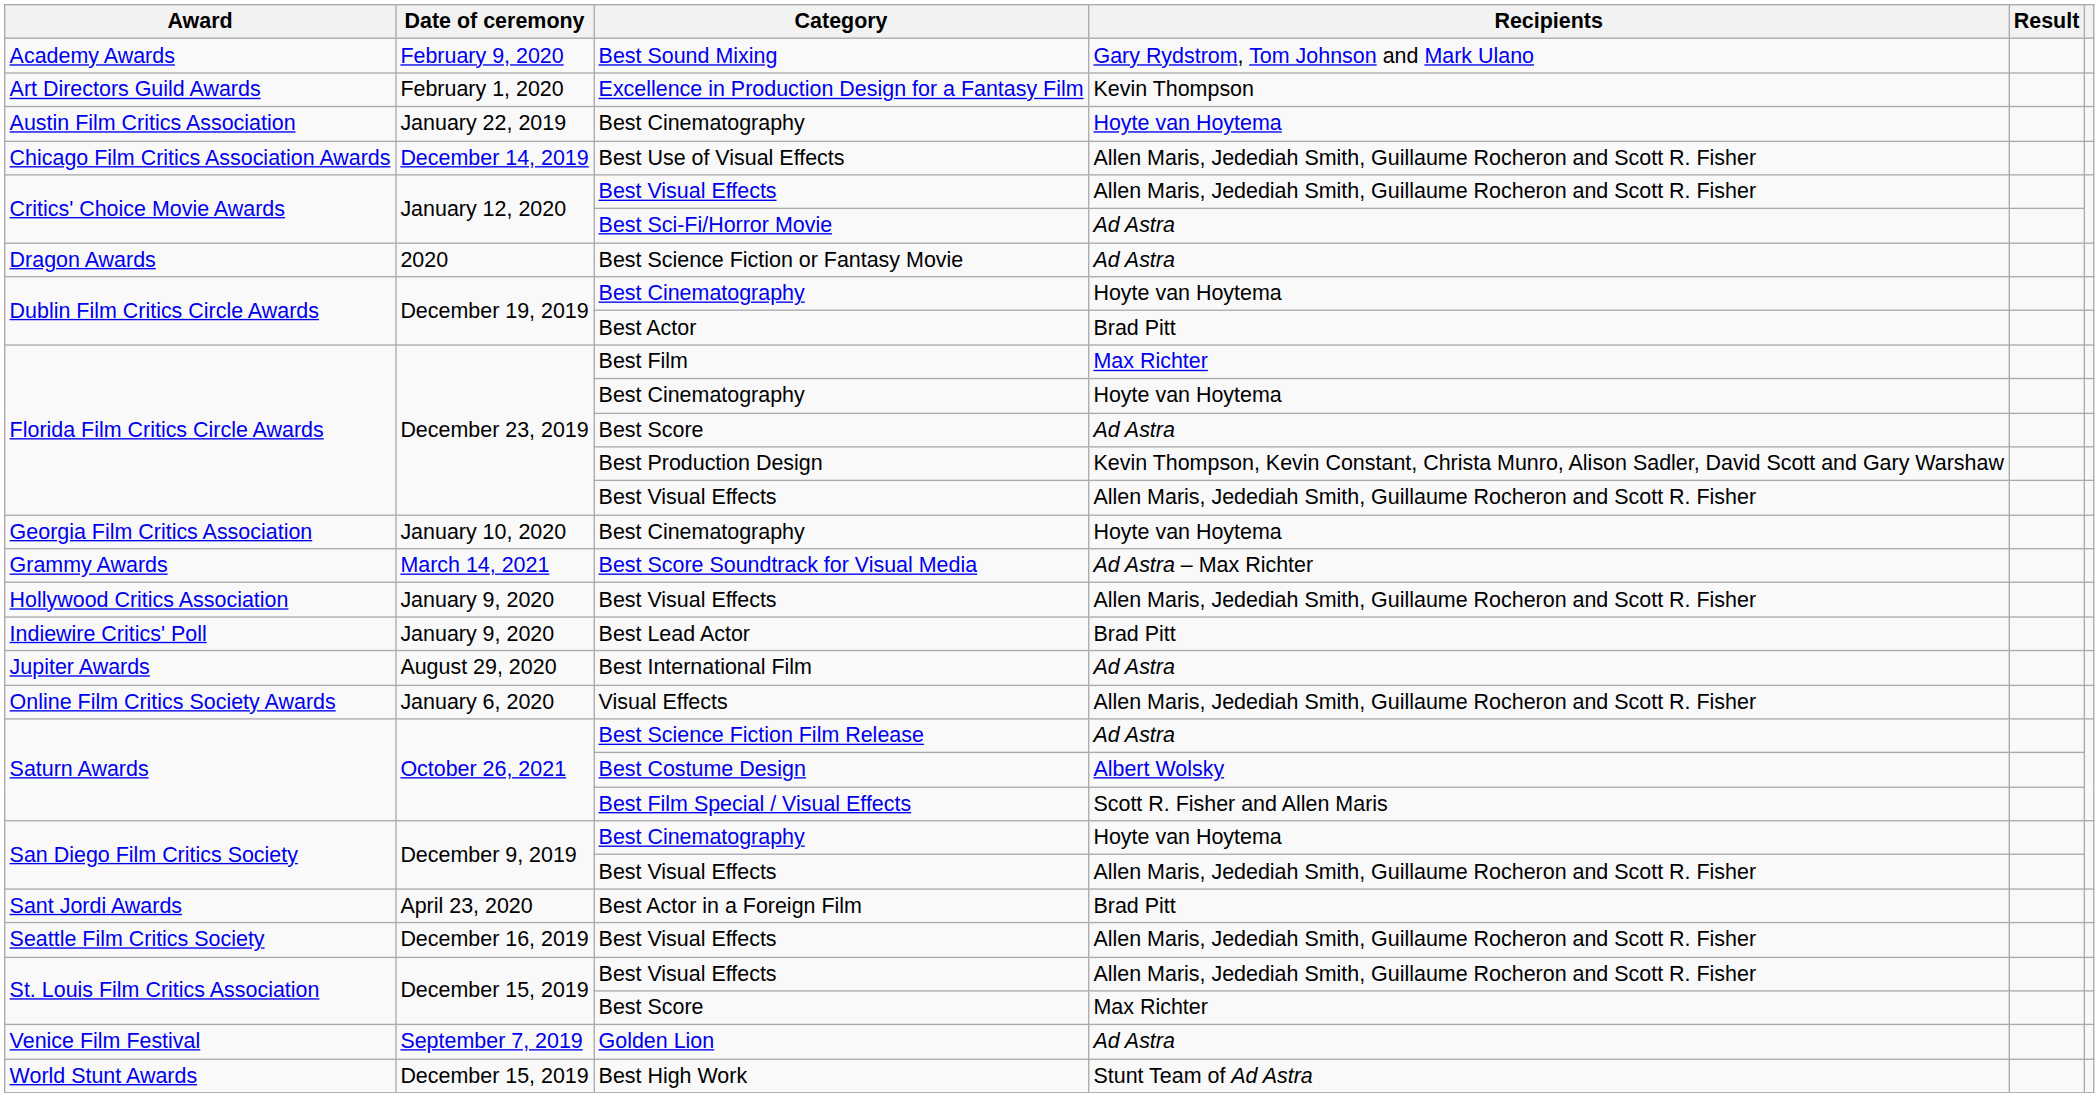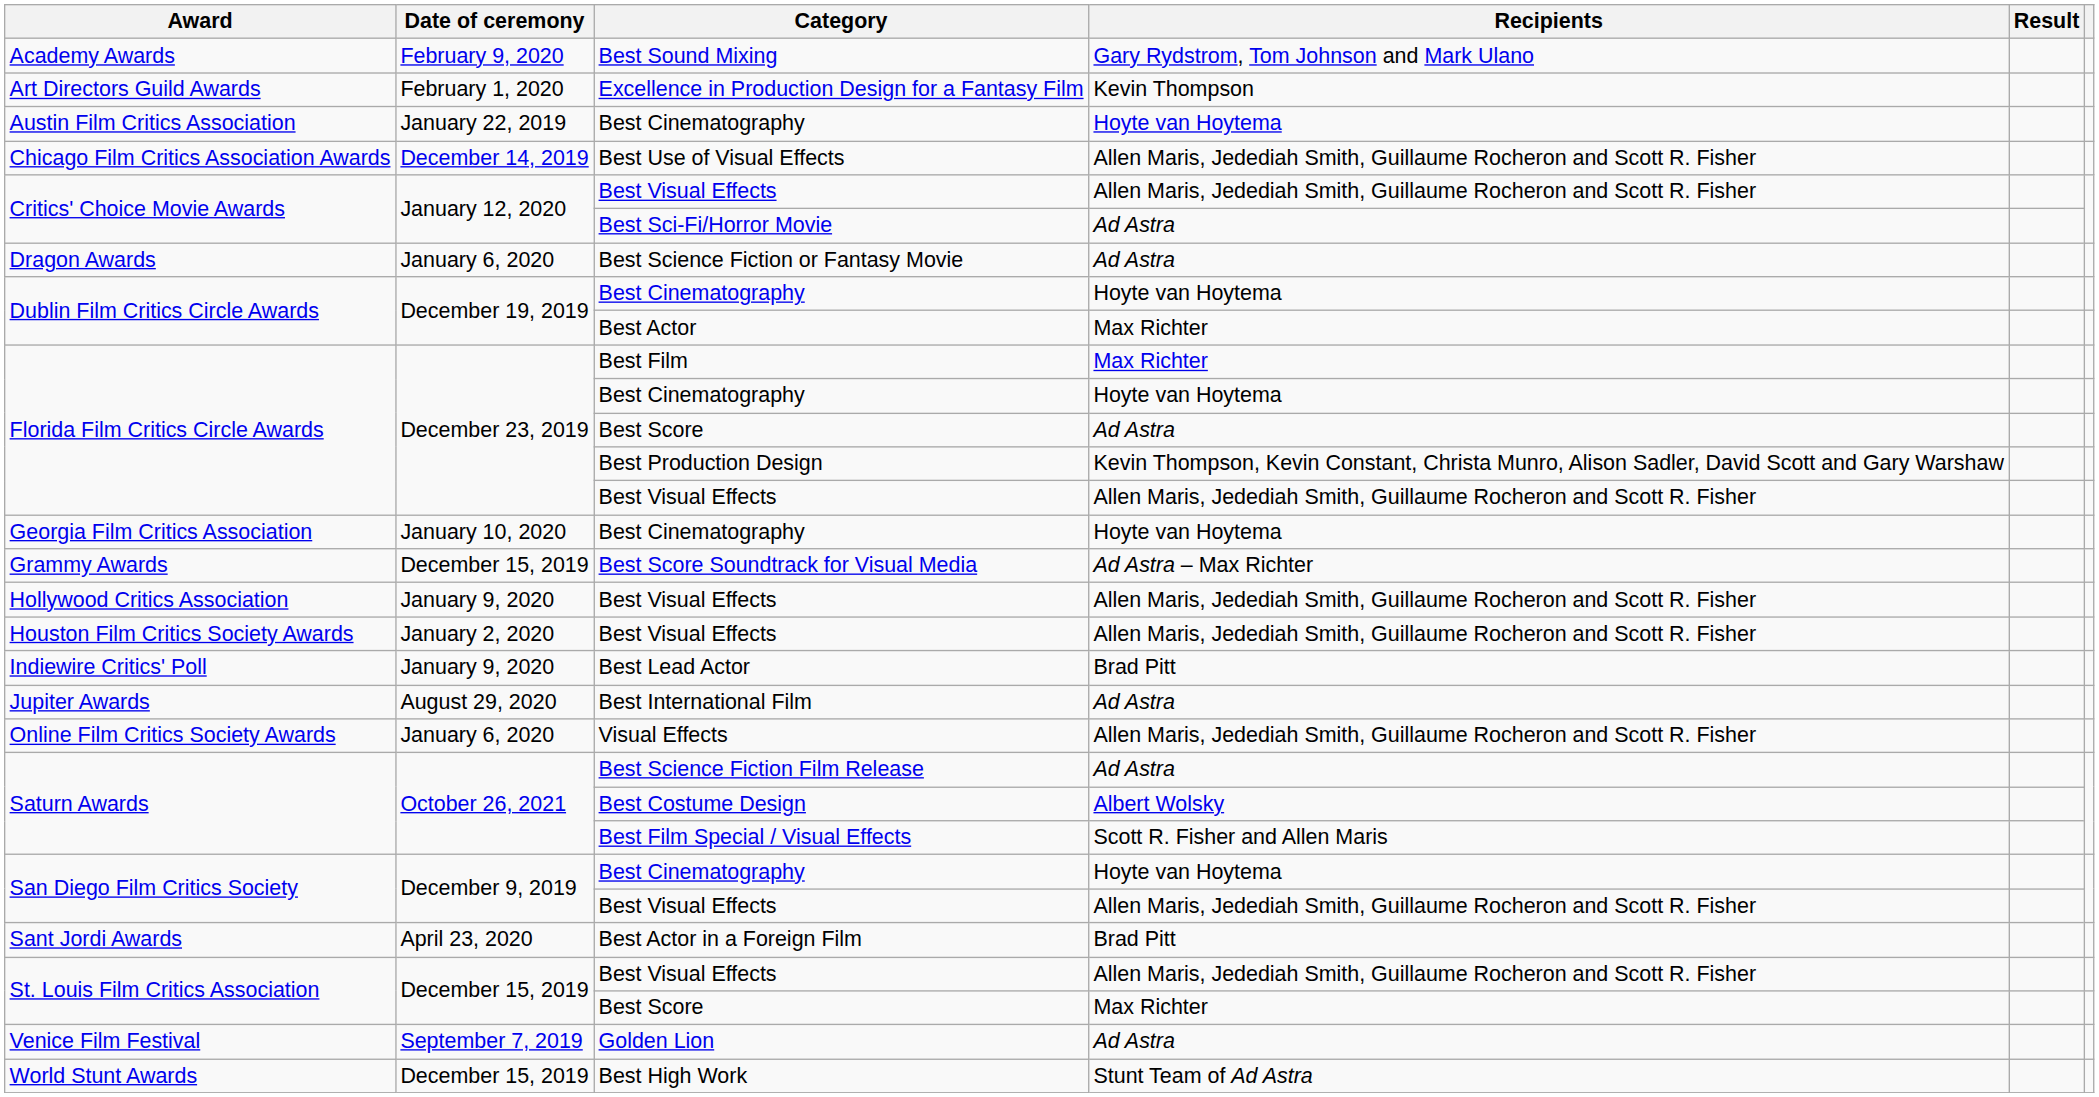 <table class="wikitable plainrowheaders sortable">
 <tr>
 <th scope="col">Award</th>
 <th scope="col">Date of ceremony</th>
 <th scope="col">Category</th>
 <th scope="col">Recipients</th>
 <th scope="col">Result</th>
 <th scope="col" class="unsortable"></th>
 </tr>
 <tr>
 <td><a href='#'>Academy Awards</a></td>
 <td><a href='#'>February 9, 2020</a></td>
 <td><a href='#'>Best Sound Mixing</a></td>
 <td><a href='#'>Gary Rydstrom</a>, <a href='#'>Tom Johnson</a> and <a href='#'>Mark Ulano</a></td>
 <td></td>
 <td style="text-align:center;"></td>
 </tr>
 <tr>
 <td><a href='#'>Art Directors Guild Awards</a></td>
 <td>February 1, 2020</td>
 <td><a href='#'>Excellence in Production Design for a Fantasy Film</a></td>
 <td>Kevin Thompson</td>
 <td></td>
 <td style="text-align:center;"></td>
 </tr>
 <tr>
 <td><a href='#'>Austin Film Critics Association</a></td>
 <td>January 22, 2019</td>
 <td>Best Cinematography</td>
 <td><a href='#'>Hoyte van Hoytema</a></td>
 <td></td>
 <td></td>
 </tr>
 <tr>
 <td><a href='#'>Chicago Film Critics Association Awards</a></td>
 <td><a href='#'>December 14, 2019</a></td>
 <td>Best Use of Visual Effects</td>
 <td Ad Astra>Allen Maris, Jedediah Smith, Guillaume Rocheron and Scott R. Fisher</td>
 <td></td>
 <td></td>
 </tr>
 <tr>
 <td rowspan="2"><a href='#'>Critics' Choice Movie Awards</a></td>
 <td rowspan="2">January 12, 2020</td>
 <td><a href='#'>Best Visual Effects</a></td>
 <td>Allen Maris, Jedediah Smith, Guillaume Rocheron and Scott R. Fisher</td>
 <td></td>
 <td rowspan="2" style="text-align:center;"></td>
 </tr>
 <tr>
 <td><a href='#'>Best Sci-Fi/Horror Movie</a></td>
 <td><em>Ad Astra</em></td>
 <td></td>
 </tr>
 <tr>
 <td><a href='#'>Dragon Awards</a></td>
-<td>2020</td>
+<td>January 6, 2020</td>
 <td>Best Science Fiction or Fantasy Movie</td>
 <td><em>Ad Astra</em></td>
 <td></td>
 <td></td>
 </tr>
 <tr>
 <td rowspan="2"><a href='#'>Dublin Film Critics Circle Awards</a></td>
 <td rowspan="2">December 19, 2019</td>
 <td><a href='#'>Best Cinematography</a></td>
 <td>Hoyte van Hoytema</td>
 <td></td>
 <td></td>
 </tr>
 <tr>
 <td>Best Actor</td>
-<td>Brad Pitt</td>
+<td>Max Richter</td>
 <td></td>
 <td></td>
 </tr>
 <tr>
 <td rowspan="5"><a href='#'>Florida Film Critics Circle Awards</a></td>
 <td rowspan="5">December 23, 2019</td>
 <td>Best Film</td>
 <td><a href='#'>Max Richter</a></td>
 <td></td>
 <td></td>
 </tr>
 <tr>
 <td>Best Cinematography</td>
 <td>Hoyte van Hoytema</td>
 <td></td>
 <td></td>
 </tr>
 <tr>
 <td>Best Score</td>
 <td><em>Ad Astra</em></td>
 <td></td>
 <td></td>
 </tr>
 <tr>
 <td>Best Production Design</td>
 <td>Kevin Thompson, Kevin Constant, Christa Munro, Alison Sadler, David Scott and Gary Warshaw</td>
 <td></td>
 <td></td>
 </tr>
 <tr>
 <td>Best Visual Effects</td>
 <td>Allen Maris, Jedediah Smith, Guillaume Rocheron and Scott R. Fisher</td>
 <td></td>
 <td></td>
 </tr>
 <tr>
 <td><a href='#'>Georgia Film Critics Association</a></td>
 <td>January 10, 2020</td>
 <td>Best Cinematography</td>
 <td>Hoyte van Hoytema</td>
 <td></td>
 <td></td>
 </tr>
 <tr>
 <td><a href='#'>Grammy Awards</a></td>
-<td><a href='#'>March 14, 2021</a></td>
+<td>December 15, 2019</td>
 <td><a href='#'>Best Score Soundtrack for Visual Media</a></td>
 <td><em>Ad Astra</em> – Max Richter</td>
 <td></td>
 <td style="text-align:center;"></td>
 </tr>
 <tr>
 <td><a href='#'>Hollywood Critics Association</a></td>
 <td>January 9, 2020</td>
 <td>Best Visual Effects</td>
 <td>Allen Maris, Jedediah Smith, Guillaume Rocheron and Scott R. Fisher</td>
 <td></td>
 <td style="text-align:center;"></td>
+</tr>
+<tr>
+<td><a href='#'>Houston Film Critics Society Awards</a></td>
+<td>January 2, 2020</td>
+<td>Best Visual Effects</td>
+<td>Allen Maris, Jedediah Smith, Guillaume Rocheron and Scott R. Fisher</td>
+<td></td>
+<td></td>
 </tr>
 <tr>
 <td><a href='#'>Indiewire Critics' Poll</a></td>
 <td>January 9, 2020</td>
 <td>Best Lead Actor</td>
 <td>Brad Pitt</td>
 <td></td>
 <td></td>
 </tr>
 <tr>
 <td><a href='#'>Jupiter Awards</a></td>
 <td>August 29, 2020</td>
 <td>Best International Film</td>
 <td><em>Ad Astra</em></td>
 <td></td>
 <td></td>
 </tr>
 <tr>
 <td><a href='#'>Online Film Critics Society Awards</a></td>
 <td>January 6, 2020</td>
 <td>Visual Effects</td>
 <td>Allen Maris, Jedediah Smith, Guillaume Rocheron and Scott R. Fisher</td>
 <td></td>
 <td></td>
 </tr>
 <tr>
 <td rowspan="3"><a href='#'>Saturn Awards</a></td>
 <td rowspan="3"><a href='#'>October 26, 2021</a></td>
 <td><a href='#'>Best Science Fiction Film Release</a></td>
 <td><em>Ad Astra</em></td>
 <td></td>
 <td rowspan="3"></td>
 </tr>
 <tr>
 <td><a href='#'>Best Costume Design</a></td>
 <td><a href='#'>Albert Wolsky</a></td>
 <td></td>
 </tr>
 <tr>
 <td><a href='#'>Best Film Special / Visual Effects</a></td>
 <td>Scott R. Fisher and Allen Maris</td>
 <td></td>
 </tr>
 <tr>
 <td rowspan="2"><a href='#'>San Diego Film Critics Society</a></td>
 <td rowspan="2">December 9, 2019</td>
 <td><a href='#'>Best Cinematography</a></td>
 <td>Hoyte van Hoytema</td>
 <td></td>
 <td rowspan="2" style="text-align:center;"></td>
 </tr>
 <tr>
 <td>Best Visual Effects</td>
 <td>Allen Maris, Jedediah Smith, Guillaume Rocheron and Scott R. Fisher</td>
 <td></td>
 </tr>
 <tr>
 <td><a href='#'>Sant Jordi Awards</a></td>
 <td>April 23, 2020</td>
 <td>Best Actor in a Foreign Film</td>
 <td>Brad Pitt</td>
 <td></td>
 <td></td>
 </tr>
 <tr>
-<td><a href='#'>Seattle Film Critics Society</a></td>
-<td>December 16, 2019</td>
-<td>Best Visual Effects</td>
-<td>Allen Maris, Jedediah Smith, Guillaume Rocheron and Scott R. Fisher</td>
-<td></td>
-<td style="text-align:center;"></td>
-</tr>
-<tr>
 <td rowspan="2"><a href='#'>St. Louis Film Critics Association</a></td>
 <td rowspan="2">December 15, 2019</td>
 <td>Best Visual Effects</td>
 <td>Allen Maris, Jedediah Smith, Guillaume Rocheron and Scott R. Fisher</td>
 <td></td>
 <td></td>
 </tr>
 <tr>
 <td>Best Score</td>
 <td>Max Richter</td>
 <td></td>
 <td></td>
 </tr>
 <tr>
 <td><a href='#'>Venice Film Festival</a></td>
 <td><a href='#'>September 7, 2019</a></td>
 <td><a href='#'>Golden Lion</a></td>
 <td><em>Ad Astra</em></td>
 <td></td>
 <td style="text-align:center;"></td>
 </tr>
 <tr>
 <td><a href='#'>World Stunt Awards</a></td>
 <td>December 15, 2019</td>
 <td>Best High Work</td>
 <td>Stunt Team of <em>Ad Astra</em></td>
 <td></td>
 <td></td>
 </tr>
 </table>
